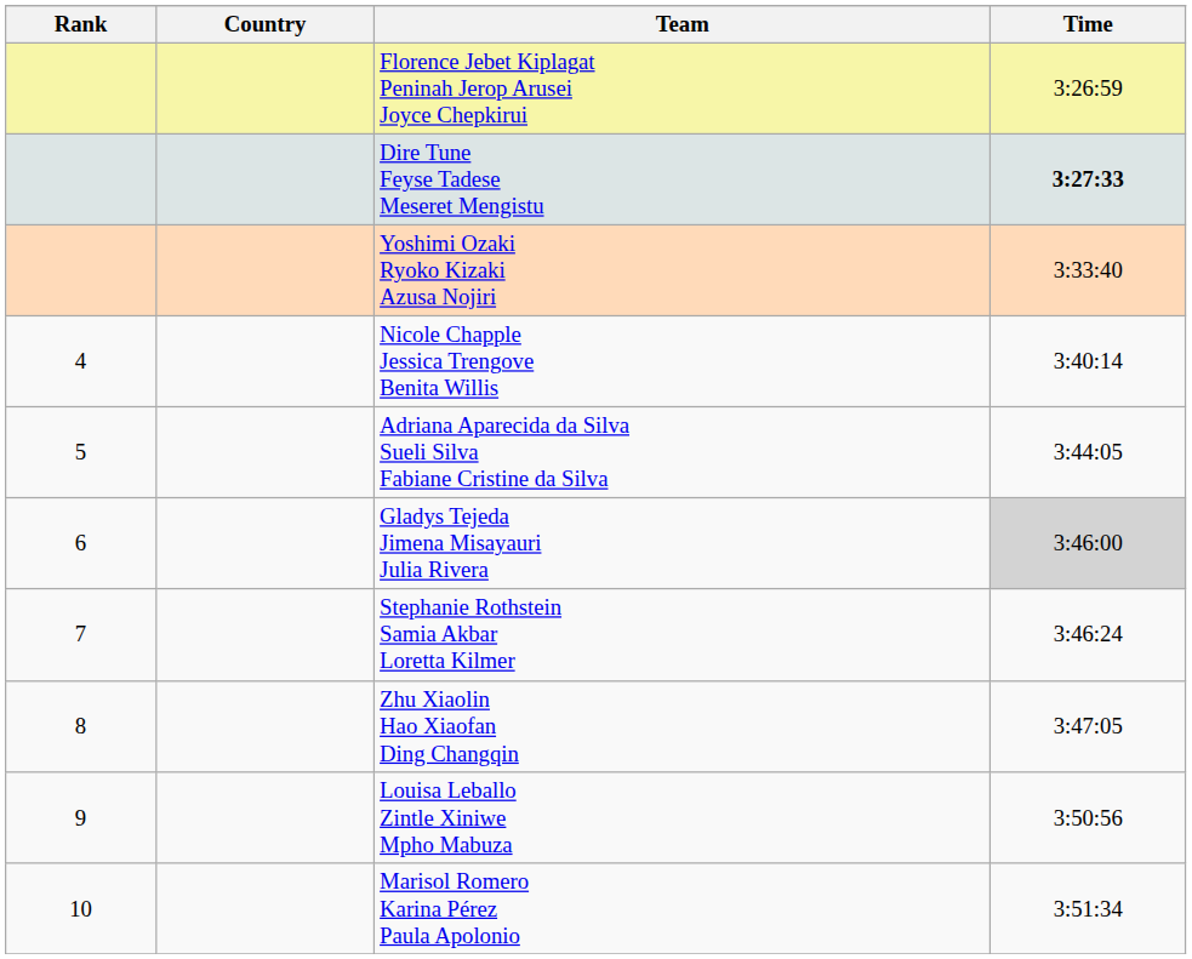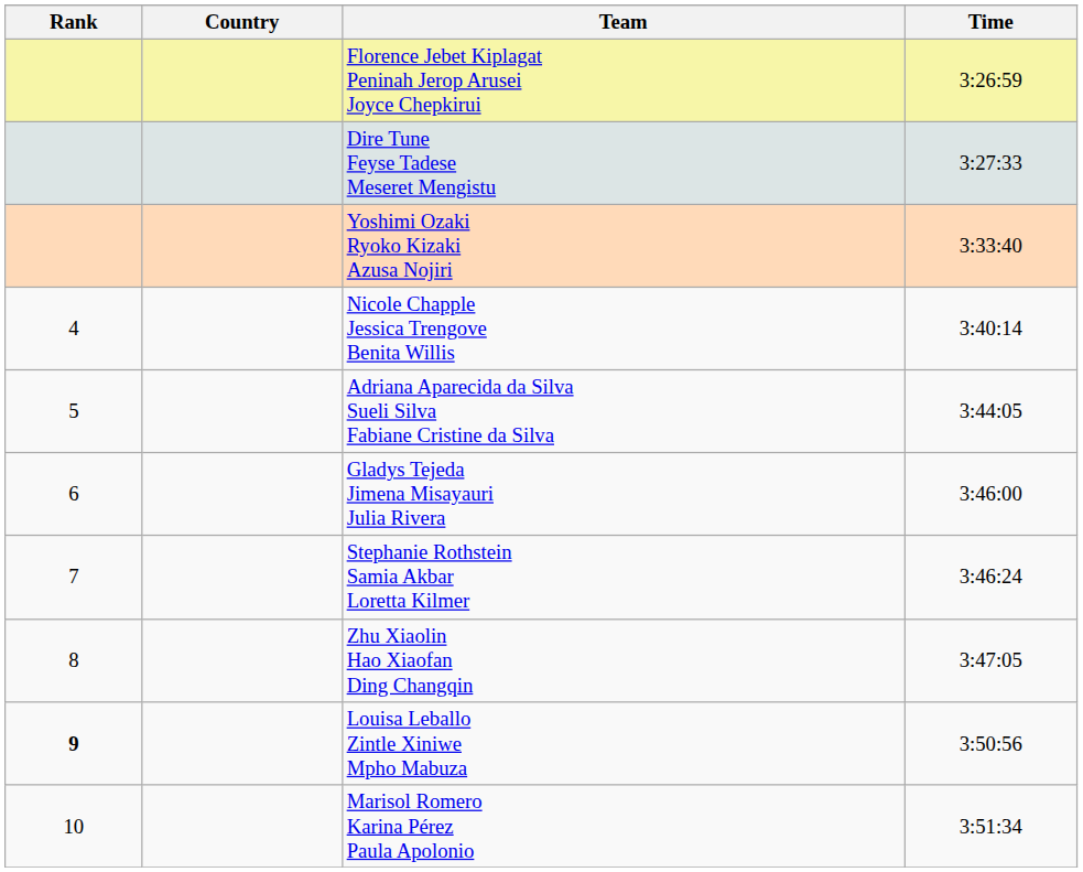 <table class="wikitable sortable" style=" text-align:center; font-size:95%;" width="50%">
 <tr>
 </tr>
 <tr>
 <th>Rank</th>
 <th>Country</th>
 <th>Team</th>
 <th>Time</th>
 </tr>
 <tr bgcolor="#F7F6A8">
 <td></td>
 <td align=left></td>
 <td align=left><a href='#'>Florence Jebet Kiplagat</a><br><a href='#'>Peninah Jerop Arusei</a><br><a href='#'>Joyce Chepkirui</a></td>
 <td>3:26:59</td>
 </tr>
 <tr bgcolor="#DCE5E5">
 <td></td>
 <td align=left></td>
 <td align=left><a href='#'>Dire Tune</a><br><a href='#'>Feyse Tadese</a><br><a href='#'>Meseret Mengistu</a></td>
-<td><strong>3:27:33</strong></td>
+<td>3:27:33</td>
 </tr>
 <tr bgcolor="#FFDAB9">
 <td></td>
 <td align=left></td>
 <td align=left><a href='#'>Yoshimi Ozaki</a><br><a href='#'>Ryoko Kizaki</a><br><a href='#'>Azusa Nojiri</a></td>
 <td>3:33:40</td>
 </tr>
 <tr>
 <td align=center>4</td>
 <td align=left></td>
 <td align=left><a href='#'>Nicole Chapple</a><br><a href='#'>Jessica Trengove</a><br><a href='#'>Benita Willis</a></td>
 <td>3:40:14</td>
 </tr>
 <tr>
 <td align=center>5</td>
 <td align=left></td>
 <td align=left><a href='#'>Adriana Aparecida da Silva</a><br><a href='#'>Sueli Silva</a><br><a href='#'>Fabiane Cristine da Silva</a></td>
 <td>3:44:05</td>
 </tr>
 <tr>
 <td align=center>6</td>
 <td align=left></td>
 <td align=left><a href='#'>Gladys Tejeda</a><br><a href='#'>Jimena Misayauri</a><br><a href='#'>Julia Rivera</a></td>
-<td style="background: lightgrey;">3:46:00</td>
+<td>3:46:00</td>
 </tr>
 <tr>
 <td align=center>7</td>
 <td align=left></td>
 <td align=left><a href='#'>Stephanie Rothstein</a><br><a href='#'>Samia Akbar</a><br><a href='#'>Loretta Kilmer</a></td>
 <td>3:46:24</td>
 </tr>
 <tr>
 <td align=center>8</td>
 <td align=left></td>
 <td align=left><a href='#'>Zhu Xiaolin</a><br><a href='#'>Hao Xiaofan</a><br><a href='#'>Ding Changqin</a></td>
 <td>3:47:05</td>
 </tr>
 <tr>
-<td align=center>9</td>
+<td align=center><strong>9</strong></td>
 <td align=left></td>
 <td align=left><a href='#'>Louisa Leballo</a><br><a href='#'>Zintle Xiniwe</a><br><a href='#'>Mpho Mabuza</a></td>
 <td>3:50:56</td>
 </tr>
 <tr>
 <td align=center>10</td>
 <td align=left></td>
 <td align=left><a href='#'>Marisol Romero</a><br><a href='#'>Karina Pérez</a><br><a href='#'>Paula Apolonio</a></td>
 <td>3:51:34</td>
 </tr>
 </table>
